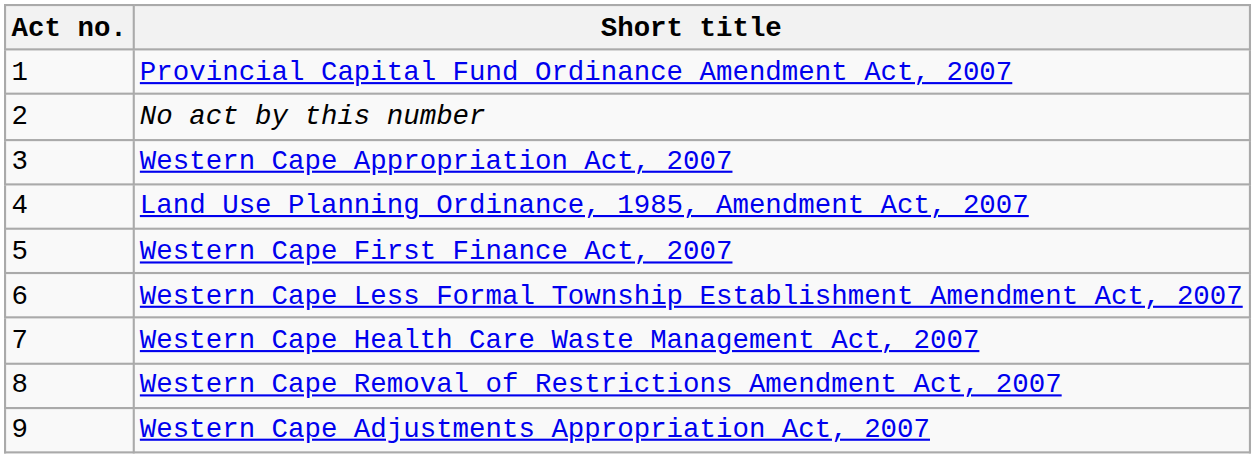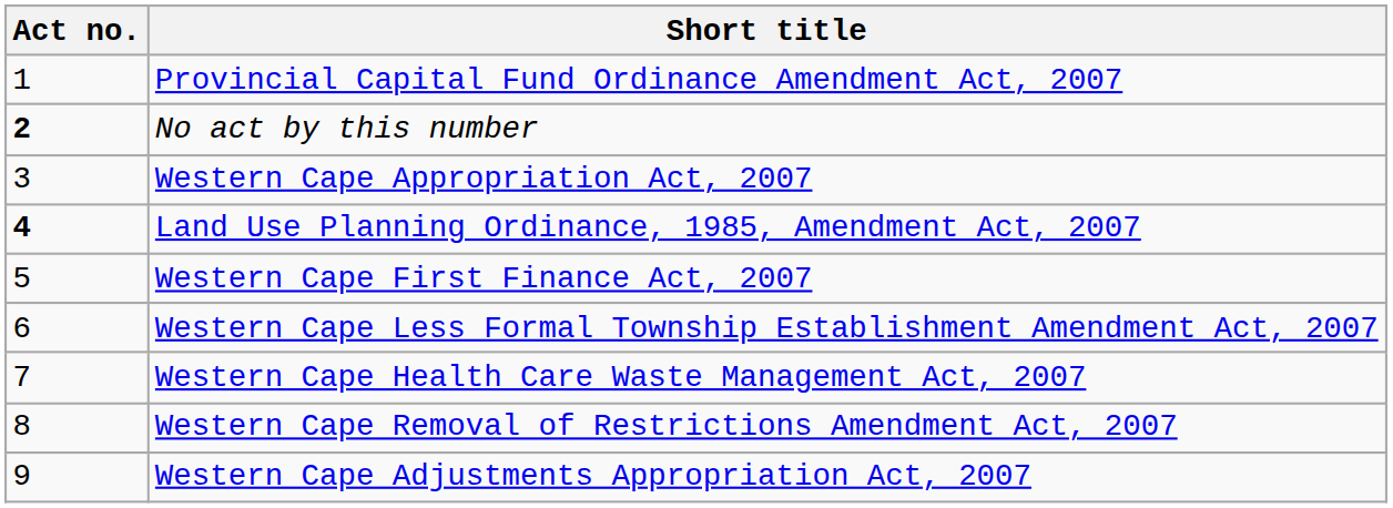 <table class="wikitable">
 <tr>
 <th>Act no.</th>
 <th>Short title</th>
 </tr>
 <tr>
 <td>1</td>
 <td><a href='#'>Provincial Capital Fund Ordinance Amendment Act, 2007</a></td>
 </tr>
 <tr>
-<td>2</td>
+<td><strong>2</strong></td>
 <td><em>No act by this number</em></td>
 </tr>
 <tr>
 <td>3</td>
 <td><a href='#'>Western Cape Appropriation Act, 2007</a></td>
 </tr>
 <tr>
-<td>4</td>
+<td><strong>4</strong></td>
 <td><a href='#'>Land Use Planning Ordinance, 1985, Amendment Act, 2007</a></td>
 </tr>
 <tr>
 <td>5</td>
 <td><a href='#'>Western Cape First Finance Act, 2007</a></td>
 </tr>
 <tr>
 <td>6</td>
 <td><a href='#'>Western Cape Less Formal Township Establishment Amendment Act, 2007</a></td>
 </tr>
 <tr>
 <td>7</td>
 <td><a href='#'>Western Cape Health Care Waste Management Act, 2007</a></td>
 </tr>
 <tr>
 <td>8</td>
 <td><a href='#'>Western Cape Removal of Restrictions Amendment Act, 2007</a></td>
 </tr>
 <tr>
 <td>9</td>
 <td><a href='#'>Western Cape Adjustments Appropriation Act, 2007</a></td>
 </tr>
 </table>
